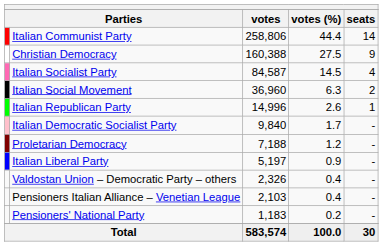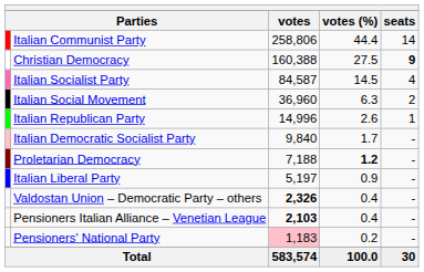 <table class="wikitable" style="font-size:95%">
 <tr>
 <th colspan=5></th>
 </tr>
 <tr>
 </tr>
 <tr bgcolor="EFEFEF">
 <th colspan=2>Parties</th>
 <th>votes</th>
 <th>votes (%)</th>
 <th>seats</th>
 </tr>
 <tr>
 <td bgcolor=red></td>
 <td><a href='#'>Italian Communist Party</a></td>
 <td align=right>258,806</td>
 <td align=right>44.4</td>
 <td align=right>14</td>
 </tr>
 <tr>
 <td bgcolor=white></td>
 <td><a href='#'>Christian Democracy</a></td>
 <td align=right>160,388</td>
 <td align=right>27.5</td>
-<td align=right>9</td>
+<td align=right><strong>9</strong></td>
 </tr>
 <tr>
 <td bgcolor=hotpink></td>
 <td><a href='#'>Italian Socialist Party</a></td>
 <td align=right>84,587</td>
 <td align=right>14.5</td>
 <td align=right>4</td>
 </tr>
 <tr>
 <td bgcolor=black></td>
 <td><a href='#'>Italian Social Movement</a></td>
 <td align=right>36,960</td>
 <td align=right>6.3</td>
 <td align=right>2</td>
 </tr>
 <tr>
 <td bgcolor=lime></td>
 <td><a href='#'>Italian Republican Party</a></td>
 <td align=right>14,996</td>
 <td align=right>2.6</td>
 <td align=right>1</td>
 </tr>
 <tr>
 <td bgcolor=pink></td>
 <td><a href='#'>Italian Democratic Socialist Party</a></td>
 <td align=right>9,840</td>
 <td align=right>1.7</td>
 <td align=right>-</td>
 </tr>
 <tr>
 <td bgcolor=Maroon></td>
 <td><a href='#'>Proletarian Democracy</a></td>
 <td align=right>7,188</td>
-<td align=right>1.2</td>
+<td align=right><strong>1.2</strong></td>
 <td align=right>-</td>
 </tr>
 <tr>
 <td bgcolor=Blue></td>
 <td><a href='#'>Italian Liberal Party</a></td>
 <td align=right>5,197</td>
 <td align=right>0.9</td>
 <td align=right>-</td>
 </tr>
 <tr>
 <td bgcolor=></td>
 <td><a href='#'>Valdostan Union</a> – Democratic Party – others</td>
-<td align=right>2,326</td>
+<td align=right><strong>2,326</strong></td>
 <td align=right>0.4</td>
 <td align=right>-</td>
 </tr>
 <tr>
 <td bgcolor=></td>
 <td>Pensioners Italian Alliance – <a href='#'>Venetian League</a></td>
-<td align=right>2,103</td>
+<td align=right><strong>2,103</strong></td>
 <td align=right>0.4</td>
 <td align=right>-</td>
 </tr>
 <tr>
 <td bgcolor=></td>
 <td><a href='#'>Pensioners' National Party</a></td>
-<td align=right>1,183</td>
+<td align=right style="background: pink;">1,183</td>
 <td align=right>0.2</td>
 <td align=right>-</td>
 </tr>
 <tr>
 </tr>
 <tr bgcolor="EFEFEF">
 <th colspan=2><strong>Total</strong></th>
 <td align=right><strong>583,574</strong></td>
 <td align=right><strong>100.0</strong></td>
 <td align=right><strong>30</strong></td>
 </tr>
 </table>
